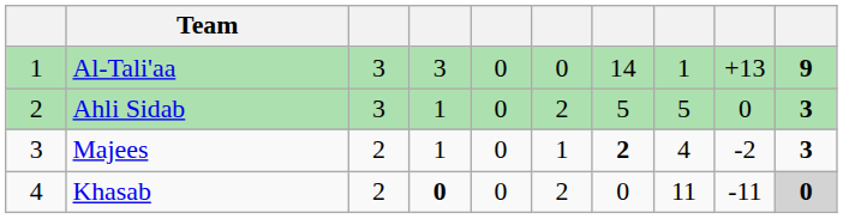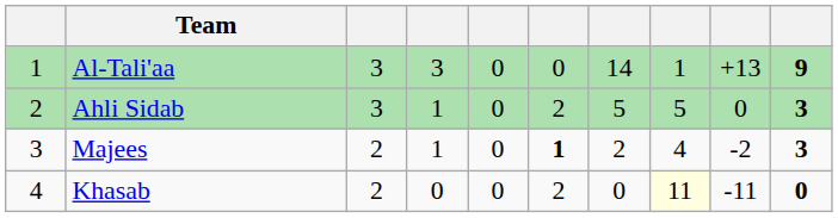 <table class="wikitable" style="text-align: center;">
 <tr>
 <th width=30></th>
 <th width=165>Team</th>
 <th width=30></th>
 <th width=30></th>
 <th width=30></th>
 <th width=30></th>
 <th width=30></th>
 <th width=30></th>
 <th width=30></th>
 <th width=30></th>
 </tr>
 <tr bgcolor=#ACE1AF>
 <td>1</td>
 <td align=left><a href='#'>Al-Tali'aa</a></td>
 <td>3</td>
 <td>3</td>
 <td>0</td>
 <td>0</td>
 <td>14</td>
 <td>1</td>
 <td>+13</td>
 <td><strong>9</strong></td>
 </tr>
 <tr bgcolor=#ACE1AF>
 <td>2</td>
 <td align=left><a href='#'>Ahli Sidab</a></td>
 <td>3</td>
 <td>1</td>
 <td>0</td>
 <td>2</td>
 <td>5</td>
 <td>5</td>
 <td>0</td>
 <td><strong>3</strong></td>
 </tr>
 <tr>
 <td>3</td>
 <td align=left><a href='#'>Majees</a></td>
 <td>2</td>
 <td>1</td>
 <td>0</td>
-<td>1</td>
-<td><strong>2</strong></td>
+<td><strong>1</strong></td>
+<td>2</td>
 <td>4</td>
 <td>-2</td>
 <td><strong>3</strong></td>
 </tr>
 <tr>
 <td>4</td>
 <td align=left><a href='#'>Khasab</a></td>
 <td>2</td>
-<td><strong>0</strong></td>
+<td>0</td>
 <td>0</td>
 <td>2</td>
 <td>0</td>
-<td>11</td>
+<td style="background: lightyellow;">11</td>
 <td>-11</td>
-<td style="background: lightgrey;"><strong>0</strong></td>
+<td><strong>0</strong></td>
 </tr>
 </table>
